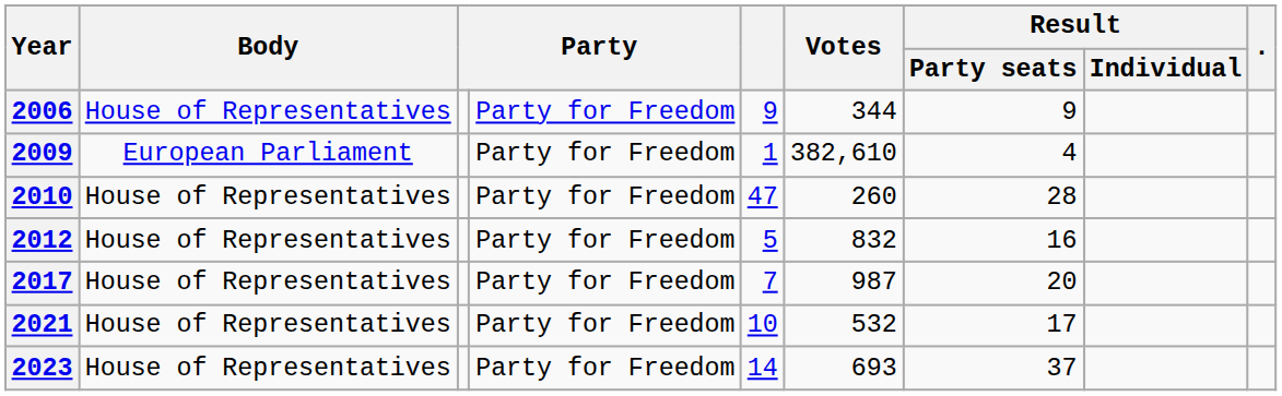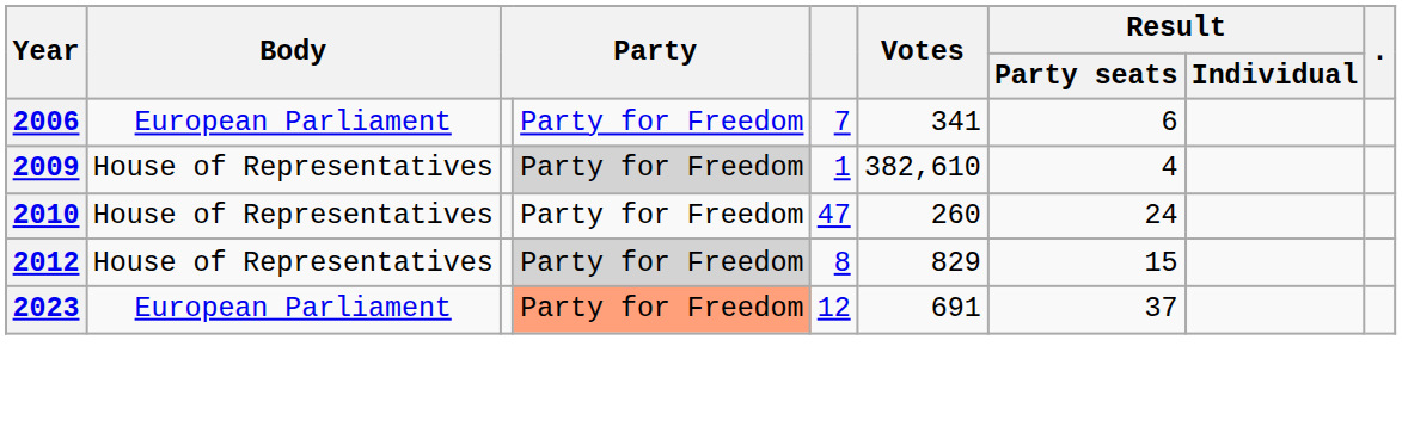 <table class="wikitable plainrowheaders sortable" border=2 cellpadding=4 cellspacing=0 style="border: 1px #aaa solid; font-size: 90%; text-align:center;">
 <tr>
 <th scope="col" rowspan=2>Year</th>
 <th scope="col" rowspan=2>Body</th>
 <th scope="col" colspan=2 rowspan=2>Party</th>
 <th scope="col" rowspan=2></th>
 <th scope="col" rowspan=2>Votes</th>
 <th scope="colgroup" colspan=2>Result</th>
 <th scope="col" rowspan=2 class="unsortable">.</th>
 </tr>
 <tr>
 <th scope="col">Party seats</th>
 <th scope="col">Individual</th>
 </tr>
 <tr>
 <th scope="row"><a href='#'>2006</a></th>
-<td><a href='#'>House of Representatives</a></td>
+<td><a href='#'>European Parliament</a></td>
 <td style="background-color:"></td>
 <td><a href='#'>Party for Freedom</a></td>
-<td style=text-align:right><a href='#'>9</a></td>
-<td style=text-align:right>344</td>
-<td style=text-align:right>9</td>
+<td style=text-align:right><a href='#'>7</a></td>
+<td style=text-align:right>341</td>
+<td style=text-align:right>6</td>
 <td></td>
 <td></td>
 </tr>
 <tr>
 <th scope="row"><a href='#'>2009</a></th>
-<td><a href='#'>European Parliament</a></td>
+<td>House of Representatives</td>
 <td style="background-color:"></td>
-<td>Party for Freedom</td>
+<td style="background: lightgrey;">Party for Freedom</td>
 <td style=text-align:right><a href='#'>1</a></td>
 <td style=text-align:right>382,610</td>
 <td style=text-align:right>4</td>
 <td></td>
 <td></td>
 </tr>
 <tr>
 <th scope="row"><a href='#'>2010</a></th>
 <td>House of Representatives</td>
 <td style="background-color:"></td>
 <td>Party for Freedom</td>
 <td style=text-align:right><a href='#'>47</a></td>
 <td style=text-align:right>260</td>
-<td style=text-align:right>28</td>
+<td style=text-align:right>24</td>
 <td></td>
 <td></td>
 </tr>
 <tr>
 <th scope="row"><a href='#'>2012</a></th>
 <td>House of Representatives</td>
 <td style="background-color:"></td>
-<td>Party for Freedom</td>
-<td style=text-align:right><a href='#'>5</a></td>
-<td style=text-align:right>832</td>
-<td style=text-align:right>16</td>
-<td></td>
-<td></td>
-</tr>
-<tr>
-<th scope="row"><a href='#'>2017</a></th>
-<td>House of Representatives</td>
-<td style="background-color:"></td>
-<td>Party for Freedom</td>
-<td style=text-align:right><a href='#'>7</a></td>
-<td style=text-align:right>987</td>
-<td style=text-align:right>20</td>
-<td></td>
-<td></td>
-</tr>
-<tr>
-<th scope="row"><a href='#'>2021</a></th>
-<td>House of Representatives</td>
-<td style="background-color:"></td>
-<td>Party for Freedom</td>
-<td style=text-align:right><a href='#'>10</a></td>
-<td style=text-align:right>532</td>
-<td style=text-align:right>17</td>
+<td style="background: lightgrey;">Party for Freedom</td>
+<td style=text-align:right><a href='#'>8</a></td>
+<td style=text-align:right>829</td>
+<td style=text-align:right>15</td>
 <td></td>
 <td></td>
 </tr>
 <tr>
 <th scope="row"><a href='#'>2023</a></th>
-<td>House of Representatives</td>
+<td><a href='#'>European Parliament</a></td>
 <td style="background-color:"></td>
-<td>Party for Freedom</td>
-<td style=text-align:right><a href='#'>14</a></td>
-<td style=text-align:right>693</td>
+<td style="background: lightsalmon;">Party for Freedom</td>
+<td style=text-align:right><a href='#'>12</a></td>
+<td style=text-align:right>691</td>
 <td style=text-align:right>37</td>
 <td></td>
 <td></td>
 </tr>
 </table>
